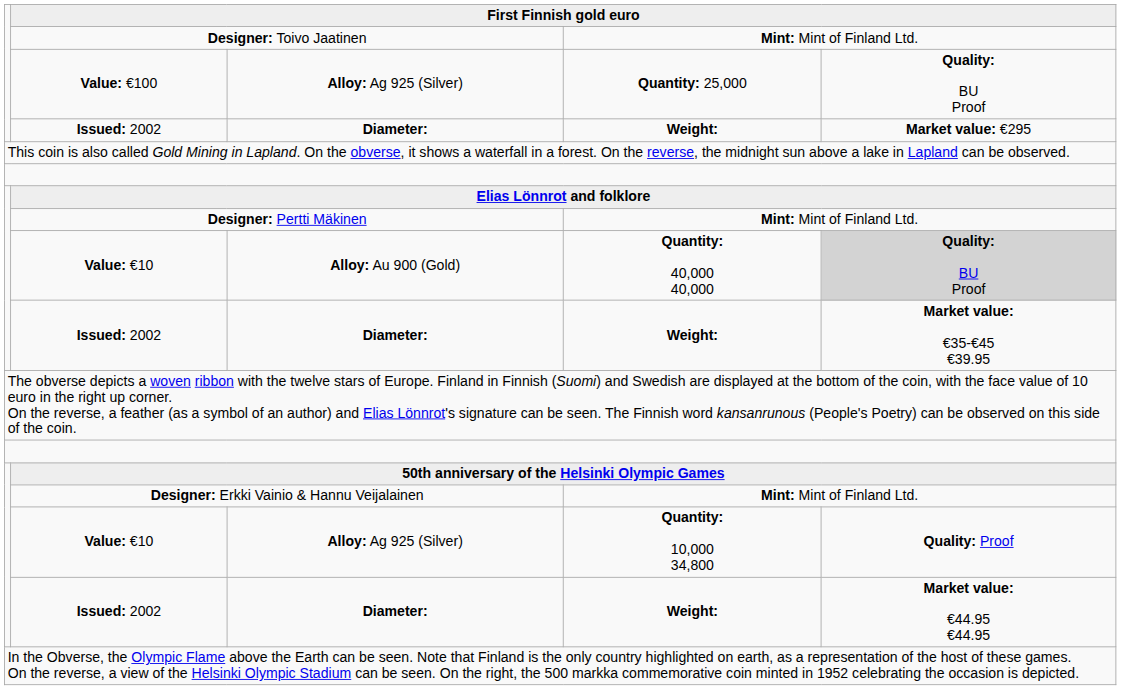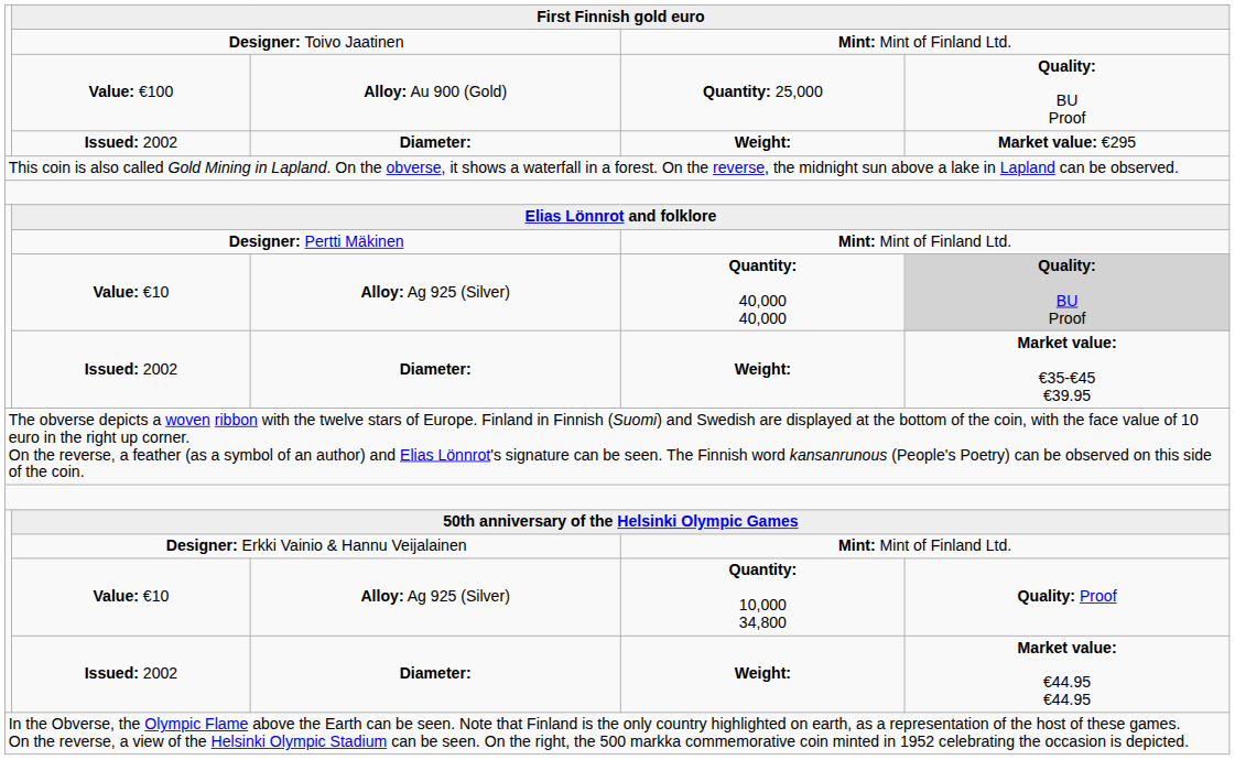 <table class="wikitable" style="width:100%;">
 <tr>
 <td rowspan="4"  style="white-space:nowrap; width:330px; text-align:center;"></td>
 <th colspan="4"  style="text-align:center; background:#eee;">First Finnish gold euro</th>
 </tr>
 <tr style="text-align:center;">
 <td colspan="2"  style="width:50%; "><strong>Designer:</strong> Toivo Jaatinen</td>
 <td colspan="2"  style="width:50%; "><strong>Mint:</strong> Mint of Finland Ltd.</td>
 </tr>
 <tr>
 <td align=center><strong>Value:</strong> €100</td>
-<td align=center><strong>Alloy:</strong> Ag 925 (Silver)</td>
+<td align=center><strong>Alloy:</strong> Au 900 (Gold)</td>
 <td align=center><strong>Quantity:</strong> 25,000</td>
 <td align=center><strong>Quality:</strong> <br><br>BU <br> Proof</td>
 </tr>
 <tr>
 <td align=center><strong>Issued:</strong> 2002</td>
 <td align=center><strong>Diameter:</strong> </td>
 <td align=center><strong>Weight:</strong> </td>
 <td align=center><strong>Market value:</strong> €295</td>
 </tr>
 <tr>
 <td colspan="5" style="text-align:left;">This coin is also called <em>Gold Mining in Lapland</em>. On the <a href='#'>obverse</a>, it shows a waterfall in a forest. On the <a href='#'>reverse</a>, the midnight sun above a lake in <a href='#'>Lapland</a> can be observed.</td>
 </tr>
 <tr>
 <td colspan="5" style="text-align:left;"> </td>
 </tr>
 <tr>
 <td rowspan="4"  style="white-space:nowrap; width:330px; text-align:center;"></td>
 <th colspan="4"  style="text-align:center; background:#eee;"><a href='#'>Elias Lönnrot</a> and folklore</th>
 </tr>
 <tr style="text-align:center;">
 <td colspan="2"  style="width:50%; "><strong>Designer:</strong> <a href='#'>Pertti Mäkinen</a></td>
 <td colspan="2"  style="width:50%; "><strong>Mint:</strong> Mint of Finland Ltd.</td>
 </tr>
 <tr>
 <td align=center><strong>Value:</strong> €10</td>
-<td align=center><strong>Alloy:</strong> Au 900 (Gold)</td>
+<td align=center><strong>Alloy:</strong> Ag 925 (Silver)</td>
 <td align=center><strong>Quantity:</strong> <br><br>40,000 <br> 40,000</td>
 <td align=center style="background: lightgrey;"><strong>Quality:</strong> <br><br><a href='#'>BU</a> <br> Proof</td>
 </tr>
 <tr>
 <td align=center><strong>Issued:</strong> 2002</td>
 <td align=center><strong>Diameter:</strong> </td>
 <td align=center><strong>Weight:</strong> </td>
 <td align=center><strong>Market value:</strong>  <br><br>€35-€45<br> €39.95</td>
 </tr>
 <tr>
 <td colspan="5" style="text-align:left;">The obverse depicts a <a href='#'>woven</a> <a href='#'>ribbon</a> with the twelve stars of Europe.  Finland in Finnish (<em>Suomi</em>) and Swedish are displayed at the bottom of the coin, with the face value of 10 euro in the right up corner.<br>On the reverse, a feather (as a symbol of an author) and <a href='#'>Elias Lönnrot</a>'s signature can be seen.  The Finnish word <em>kansanrunous</em> (People's Poetry) can be observed on this side of the coin.</td>
 </tr>
 <tr>
 <td colspan="5" style="text-align:left;"> </td>
 </tr>
 <tr>
 <td rowspan="4"  style="white-space:nowrap; width:330px; text-align:center;"></td>
 <th colspan="4"  style="text-align:center; background:#eee;">50th anniversary of the <a href='#'>Helsinki Olympic Games</a></th>
 </tr>
 <tr style="text-align:center;">
 <td colspan="2"  style="width:50%; "><strong>Designer:</strong> Erkki Vainio & Hannu Veijalainen</td>
 <td colspan="2"  style="width:50%; "><strong>Mint:</strong> Mint of Finland Ltd.</td>
 </tr>
 <tr>
 <td align=center><strong>Value:</strong> €10</td>
 <td align=center><strong>Alloy:</strong> Ag 925 (Silver)</td>
 <td align=center><strong>Quantity:</strong> <br><br>10,000 <br> 34,800</td>
 <td align=center><strong>Quality:</strong> <a href='#'>Proof</a></td>
 </tr>
 <tr>
 <td align=center><strong>Issued:</strong> 2002</td>
 <td align=center><strong>Diameter:</strong> </td>
 <td align=center><strong>Weight:</strong> </td>
 <td align=center><strong>Market value:</strong><br><br>€44.95<br> €44.95</td>
 </tr>
 <tr>
 <td colspan="5" style="text-align:left;">In the Obverse, the <a href='#'>Olympic Flame</a> above the Earth can be seen.  Note that Finland is the only country highlighted on earth, as a representation of the host of these games.<br>On the reverse, a view of the <a href='#'>Helsinki Olympic Stadium</a> can be seen.  On the right, the 500 markka commemorative coin minted in 1952 celebrating the occasion is depicted.</td>
 </tr>
 </table>
